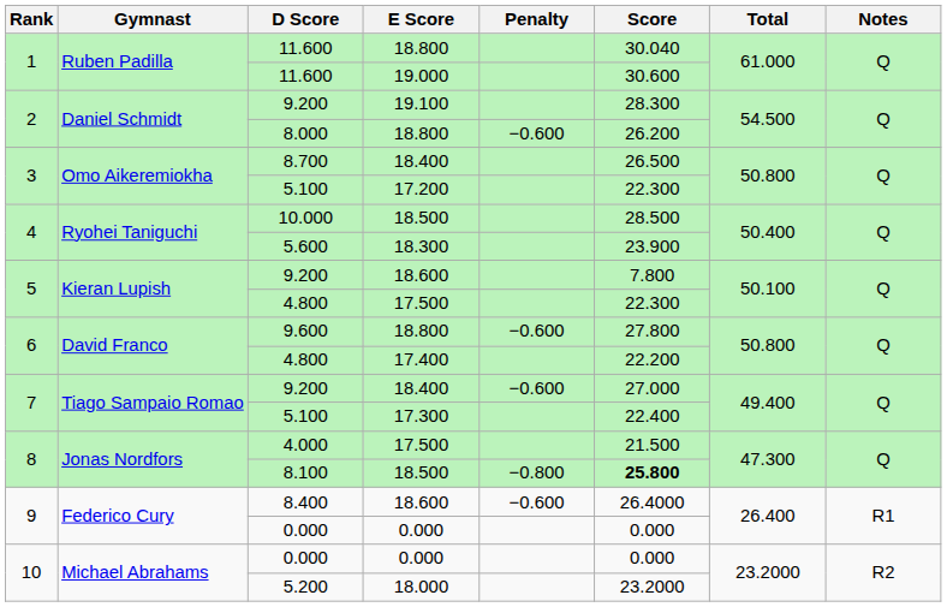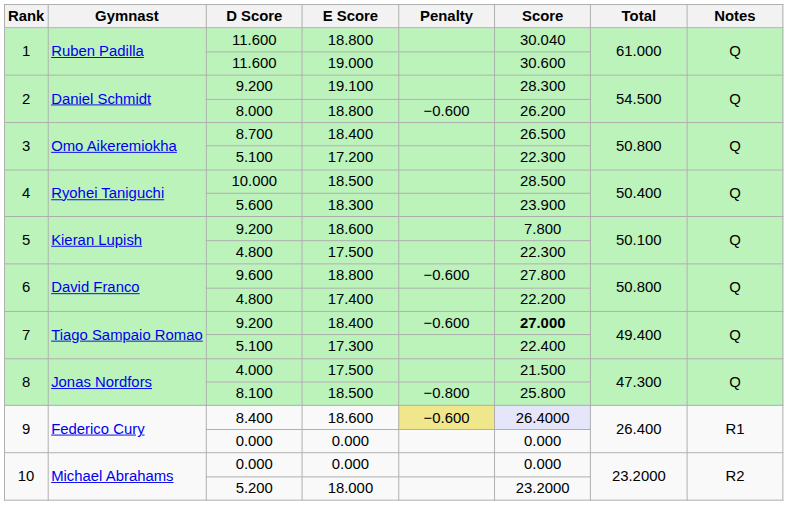 <table class="wikitable" style="text-align:center">
 <tr>
 <th>Rank</th>
 <th>Gymnast</th>
 <th style="width:6em">D Score</th>
 <th style="width:6em">E Score</th>
 <th style="width:6em">Penalty</th>
 <th style="width:6em">Score</th>
 <th style="width:6em">Total</th>
 <th style="width:6em">Notes</th>
 </tr>
 <tr bgcolor=#bbf3bb>
 <td rowspan=2>1</td>
 <td rowspan=2 align=left> <a href='#'>Ruben Padilla</a></td>
 <td>11.600</td>
 <td>18.800</td>
 <td></td>
 <td>30.040</td>
 <td rowspan=2>61.000</td>
 <td rowspan=2>Q</td>
 </tr>
 <tr bgcolor=#bbf3bb>
 <td>11.600</td>
 <td>19.000</td>
 <td></td>
 <td>30.600</td>
 </tr>
 <tr bgcolor=#bbf3bb>
 <td rowspan=2>2</td>
 <td rowspan=2 align=left> <a href='#'>Daniel Schmidt</a></td>
 <td>9.200</td>
 <td>19.100</td>
 <td></td>
 <td>28.300</td>
 <td rowspan=2>54.500</td>
 <td rowspan=2>Q</td>
 </tr>
 <tr bgcolor=#bbf3bb>
 <td>8.000</td>
 <td>18.800</td>
 <td>−0.600</td>
 <td>26.200</td>
 </tr>
 <tr bgcolor=#bbf3bb>
 <td rowspan=2>3</td>
 <td rowspan=2 align=left> <a href='#'>Omo Aikeremiokha</a></td>
 <td>8.700</td>
 <td>18.400</td>
 <td></td>
 <td>26.500</td>
 <td rowspan=2>50.800</td>
 <td rowspan=2>Q</td>
 </tr>
 <tr bgcolor=#bbf3bb>
 <td>5.100</td>
 <td>17.200</td>
 <td></td>
 <td>22.300</td>
 </tr>
 <tr bgcolor=#bbf3bb>
 <td rowspan=2>4</td>
 <td rowspan=2 align=left> <a href='#'>Ryohei Taniguchi</a></td>
 <td>10.000</td>
 <td>18.500</td>
 <td></td>
 <td>28.500</td>
 <td rowspan=2>50.400</td>
 <td rowspan=2>Q</td>
 </tr>
 <tr bgcolor=#bbf3bb>
 <td>5.600</td>
 <td>18.300</td>
 <td></td>
 <td>23.900</td>
 </tr>
 <tr bgcolor=#bbf3bb>
 <td rowspan=2>5</td>
 <td rowspan=2 align=left> <a href='#'>Kieran Lupish</a></td>
 <td>9.200</td>
 <td>18.600</td>
 <td></td>
 <td>7.800</td>
 <td rowspan=2>50.100</td>
 <td rowspan=2>Q</td>
 </tr>
 <tr bgcolor=#bbf3bb>
 <td>4.800</td>
 <td>17.500</td>
 <td></td>
 <td>22.300</td>
 </tr>
 <tr bgcolor=#bbf3bb>
 <td rowspan=2>6</td>
 <td rowspan=2 align=left> <a href='#'>David Franco</a></td>
 <td>9.600</td>
 <td>18.800</td>
 <td>−0.600</td>
 <td>27.800</td>
 <td rowspan=2>50.800</td>
 <td rowspan=2>Q</td>
 </tr>
 <tr bgcolor=#bbf3bb>
 <td>4.800</td>
 <td>17.400</td>
 <td></td>
 <td>22.200</td>
 </tr>
 <tr bgcolor=#bbf3bb>
 <td rowspan=2>7</td>
 <td rowspan=2 align=left> <a href='#'>Tiago Sampaio Romao</a></td>
 <td>9.200</td>
 <td>18.400</td>
 <td>−0.600</td>
-<td>27.000</td>
+<td><strong>27.000</strong></td>
 <td rowspan=2>49.400</td>
 <td rowspan=2>Q</td>
 </tr>
 <tr bgcolor=#bbf3bb>
 <td>5.100</td>
 <td>17.300</td>
 <td></td>
 <td>22.400</td>
 </tr>
 <tr bgcolor=#bbf3bb>
 <td rowspan=2>8</td>
 <td rowspan=2 align=left> <a href='#'>Jonas Nordfors</a></td>
 <td>4.000</td>
 <td>17.500</td>
 <td></td>
 <td>21.500</td>
 <td rowspan=2>47.300</td>
 <td rowspan=2>Q</td>
 </tr>
 <tr bgcolor=#bbf3bb>
 <td>8.100</td>
 <td>18.500</td>
 <td>−0.800</td>
-<td><strong>25.800</strong></td>
+<td>25.800</td>
 </tr>
 <tr>
 <td rowspan=2>9</td>
 <td rowspan=2 align=left> <a href='#'>Federico Cury</a></td>
 <td>8.400</td>
 <td>18.600</td>
-<td>−0.600</td>
-<td>26.4000</td>
+<td style="background: khaki;">−0.600</td>
+<td style="background: lavender;">26.4000</td>
 <td rowspan=2>26.400</td>
 <td rowspan=2>R1</td>
 </tr>
 <tr>
 <td>0.000</td>
 <td>0.000</td>
 <td></td>
 <td>0.000</td>
 </tr>
 <tr>
 <td rowspan=2>10</td>
 <td rowspan=2 align=left> <a href='#'>Michael Abrahams</a></td>
 <td>0.000</td>
 <td>0.000</td>
 <td></td>
 <td>0.000</td>
 <td rowspan=2>23.2000</td>
 <td rowspan=2>R2</td>
 </tr>
 <tr>
 <td>5.200</td>
 <td>18.000</td>
 <td></td>
 <td>23.2000</td>
 </tr>
 </table>
